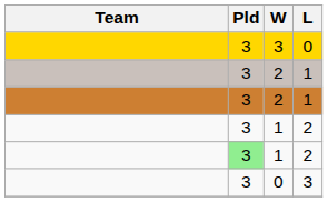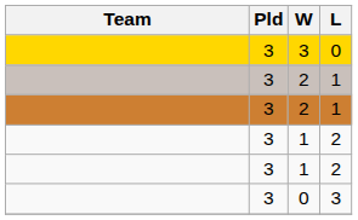 <table class="wikitable" style="text-align:center">
 <tr>
 <th width="200">Team</th>
 <th width="20">Pld</th>
 <th width="20">W</th>
 <th width="20">L</th>
 </tr>
 <tr style="background:#FFD700">
 <td align=left></td>
 <td>3</td>
 <td>3</td>
 <td>0</td>
 </tr>
 <tr style="background:#C9C0BB">
 <td align=left></td>
 <td>3</td>
 <td>2</td>
 <td>1</td>
 </tr>
 <tr style="background:#CD7F32">
 <td align=left></td>
 <td>3</td>
 <td>2</td>
 <td>1</td>
 </tr>
 <tr>
 <td align=left></td>
 <td>3</td>
 <td>1</td>
 <td>2</td>
 </tr>
 <tr>
 <td align=left></td>
-<td style="background: lightgreen;">3</td>
+<td>3</td>
 <td>1</td>
 <td>2</td>
 </tr>
 <tr>
 <td align=left></td>
 <td>3</td>
 <td>0</td>
 <td>3</td>
 </tr>
 <tr>
 </tr>
 </table>
